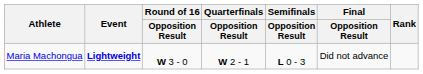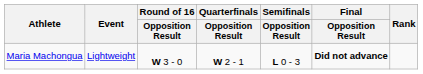 <table class="wikitable" style="font-size:90%;">
 <tr>
 <th rowspan=2>Athlete</th>
 <th rowspan=2>Event</th>
 <th>Round of 16</th>
 <th>Quarterfinals</th>
 <th>Semifinals</th>
 <th>Final</th>
 <th rowspan=2>Rank</th>
 </tr>
 <tr style="font-size:95%">
 <th>Opposition<br>Result</th>
 <th>Opposition<br>Result</th>
 <th>Opposition<br>Result</th>
 <th>Opposition<br>Result</th>
 </tr>
 <tr align=center>
 <td align=left><a href='#'>Maria Machongua</a></td>
-<td align=left><strong><a href='#'>Lightweight</a></strong></td>
+<td align=left><a href='#'>Lightweight</a></td>
 <td><br><strong>W</strong> 3 - 0</td>
 <td><br><strong>W</strong> 2 - 1</td>
 <td><br><strong>L</strong> 0 - 3</td>
-<td>Did not advance</td>
+<td><strong>Did not advance</strong></td>
 <td></td>
 </tr>
 </table>
